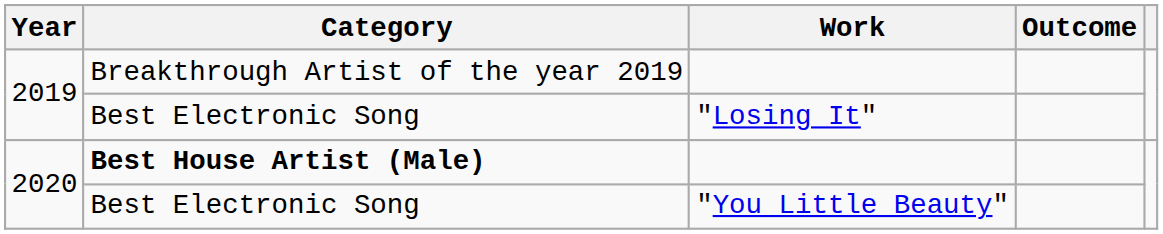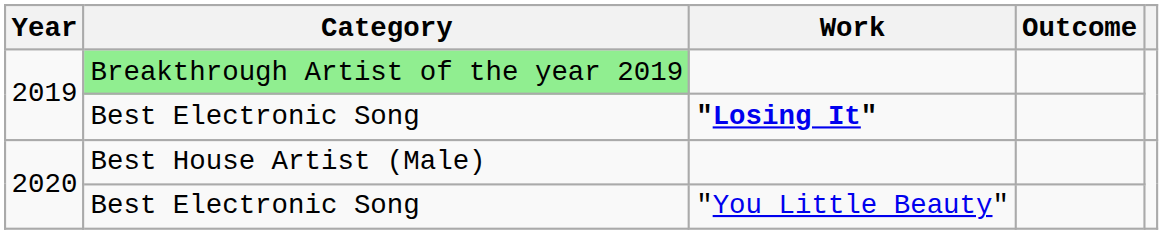 <table class="wikitable plainrowheaders">
 <tr>
 <th>Year</th>
 <th>Category</th>
 <th>Work</th>
 <th>Outcome</th>
 <th></th>
 </tr>
 <tr>
 <td rowspan="2">2019</td>
-<td>Breakthrough Artist of the year 2019</td>
+<td style="background: lightgreen;">Breakthrough Artist of the year 2019</td>
 <td></td>
 <td></td>
 <td rowspan="2"></td>
 </tr>
 <tr>
 <td>Best Electronic Song</td>
-<td>"<a href='#'>Losing It</a>"</td>
+<td><strong>"<a href='#'>Losing It</a>"</strong></td>
 <td></td>
 </tr>
 <tr>
 <td rowspan="2">2020</td>
-<td><strong>Best House Artist (Male)</strong></td>
+<td>Best House Artist (Male)</td>
 <td></td>
 <td></td>
 <td rowspan="2"></td>
 </tr>
 <tr>
 <td>Best Electronic Song</td>
 <td>"<a href='#'>You Little Beauty</a>"</td>
 <td></td>
 </tr>
 </table>
